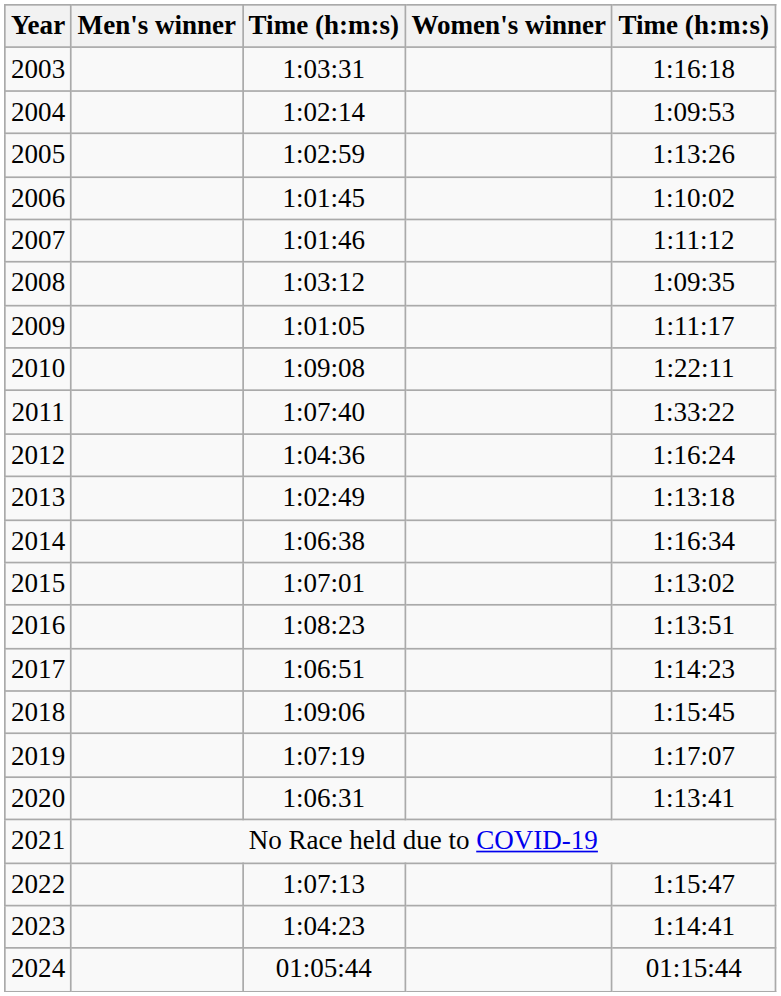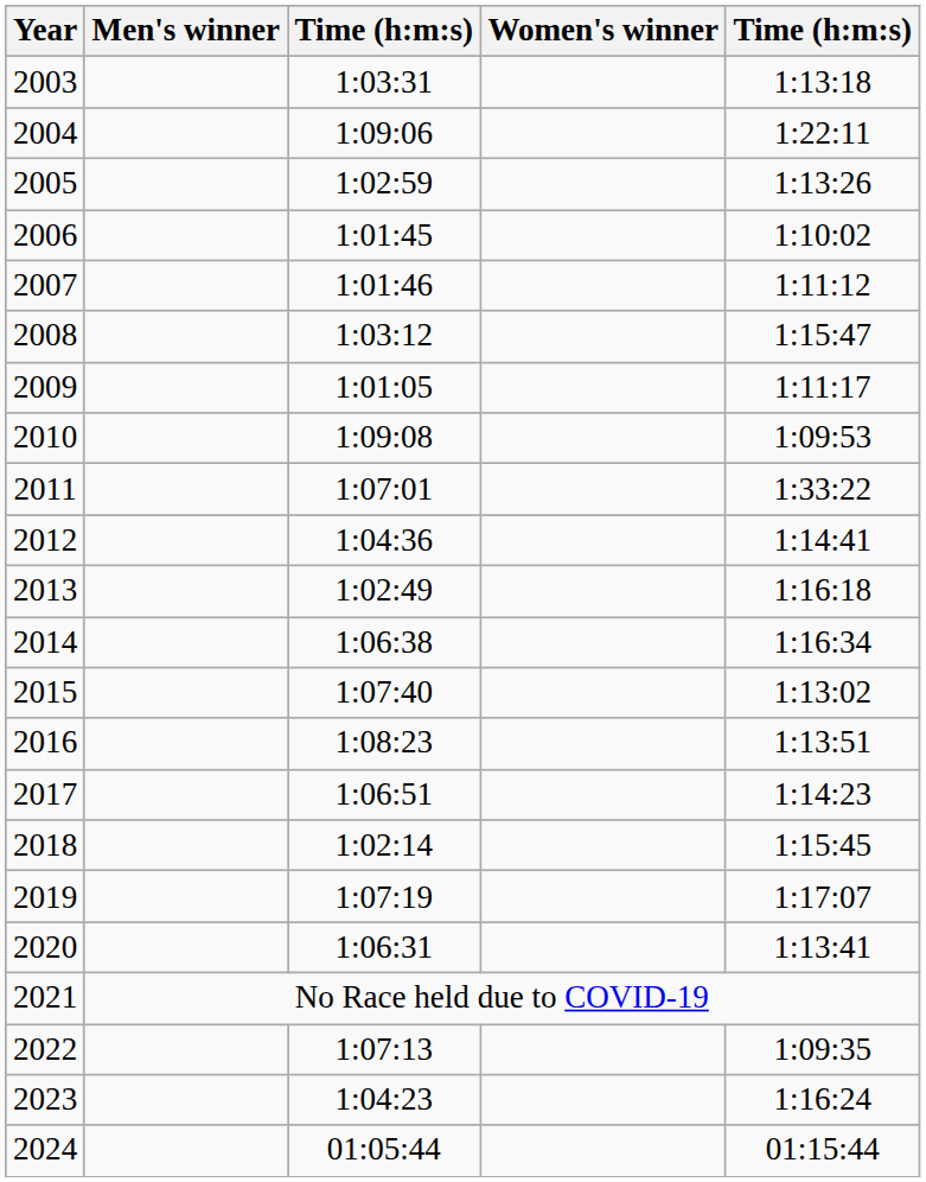 <table class="wikitable sortable" style="text-align:center">
 <tr>
 <th>Year</th>
 <th class="unsortable">Men's winner</th>
 <th>Time (h:m:s)</th>
 <th class="unsortable">Women's winner</th>
 <th>Time (h:m:s)</th>
 </tr>
 <tr>
 <td>2003</td>
 <td align="left"></td>
 <td>1:03:31</td>
 <td align="left"></td>
-<td>1:16:18</td>
+<td>1:13:18</td>
 </tr>
 <tr>
 <td>2004</td>
 <td align="left"></td>
-<td>1:02:14</td>
+<td>1:09:06</td>
 <td align="left"></td>
-<td>1:09:53</td>
+<td>1:22:11</td>
 </tr>
 <tr>
 <td>2005</td>
 <td align="left"></td>
 <td>1:02:59</td>
 <td align="left"></td>
 <td>1:13:26</td>
 </tr>
 <tr>
 <td>2006</td>
 <td align="left"></td>
 <td>1:01:45</td>
 <td align="left"></td>
 <td>1:10:02</td>
 </tr>
 <tr>
 <td>2007</td>
 <td align="left"></td>
 <td>1:01:46</td>
 <td align="left"></td>
 <td>1:11:12</td>
 </tr>
 <tr>
 <td>2008</td>
 <td align="left"></td>
 <td>1:03:12</td>
 <td align="left"></td>
-<td>1:09:35</td>
+<td>1:15:47</td>
 </tr>
 <tr>
 <td>2009</td>
 <td align="left"></td>
 <td>1:01:05</td>
 <td align="left"></td>
 <td>1:11:17</td>
 </tr>
 <tr>
 <td>2010</td>
 <td align="left"></td>
 <td>1:09:08</td>
 <td align="left"></td>
-<td>1:22:11</td>
+<td>1:09:53</td>
 </tr>
 <tr>
 <td>2011</td>
 <td align="left"></td>
-<td>1:07:40</td>
+<td>1:07:01</td>
 <td align="left"></td>
 <td>1:33:22</td>
 </tr>
 <tr>
 <td>2012</td>
 <td align="left"></td>
 <td>1:04:36</td>
 <td align="left"></td>
-<td>1:16:24</td>
+<td>1:14:41</td>
 </tr>
 <tr>
 <td>2013</td>
 <td align="left"></td>
 <td>1:02:49</td>
 <td align="left"></td>
-<td>1:13:18</td>
+<td>1:16:18</td>
 </tr>
 <tr>
 <td>2014</td>
 <td align="left"></td>
 <td>1:06:38</td>
 <td align="left"></td>
 <td>1:16:34</td>
 </tr>
 <tr>
 <td>2015</td>
 <td align="left"></td>
-<td>1:07:01</td>
+<td>1:07:40</td>
 <td align="left"></td>
 <td>1:13:02</td>
 </tr>
 <tr>
 <td>2016</td>
 <td align="left"></td>
 <td>1:08:23</td>
 <td align="left"></td>
 <td>1:13:51</td>
 </tr>
 <tr>
 <td>2017</td>
 <td align="left"></td>
 <td>1:06:51</td>
 <td align="left"></td>
 <td>1:14:23</td>
 </tr>
 <tr>
 <td>2018</td>
 <td align="left"></td>
-<td>1:09:06</td>
+<td>1:02:14</td>
 <td align="left"></td>
 <td>1:15:45</td>
 </tr>
 <tr>
 <td>2019</td>
 <td align="left"></td>
 <td>1:07:19</td>
 <td align="left"></td>
 <td>1:17:07</td>
 </tr>
 <tr>
 <td>2020</td>
 <td align="left"></td>
 <td>1:06:31</td>
 <td align="left"></td>
 <td>1:13:41</td>
 </tr>
 <tr>
 <td>2021</td>
 <td colspan="4">No Race held due to <a href='#'>COVID-19</a></td>
 </tr>
 <tr>
 <td>2022</td>
 <td align="left"></td>
 <td>1:07:13</td>
 <td align="left"></td>
-<td>1:15:47</td>
+<td>1:09:35</td>
 </tr>
 <tr>
 <td>2023</td>
 <td align="left"></td>
 <td>1:04:23</td>
 <td align="left"></td>
-<td>1:14:41</td>
+<td>1:16:24</td>
 </tr>
 <tr>
 <td>2024</td>
 <td align="left"></td>
 <td>01:05:44</td>
 <td align="left"></td>
 <td>01:15:44</td>
 </tr>
 </table>
